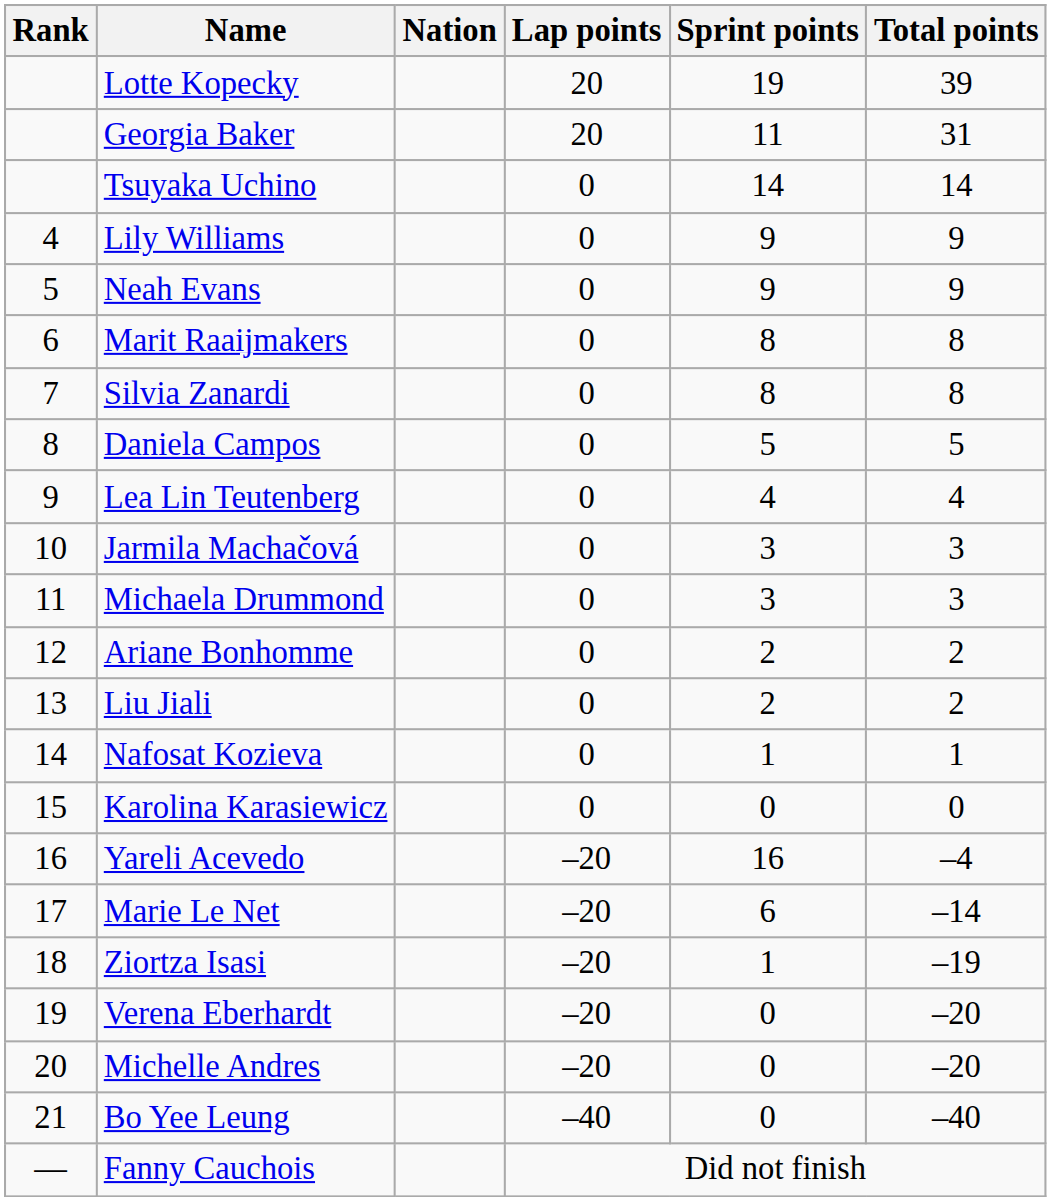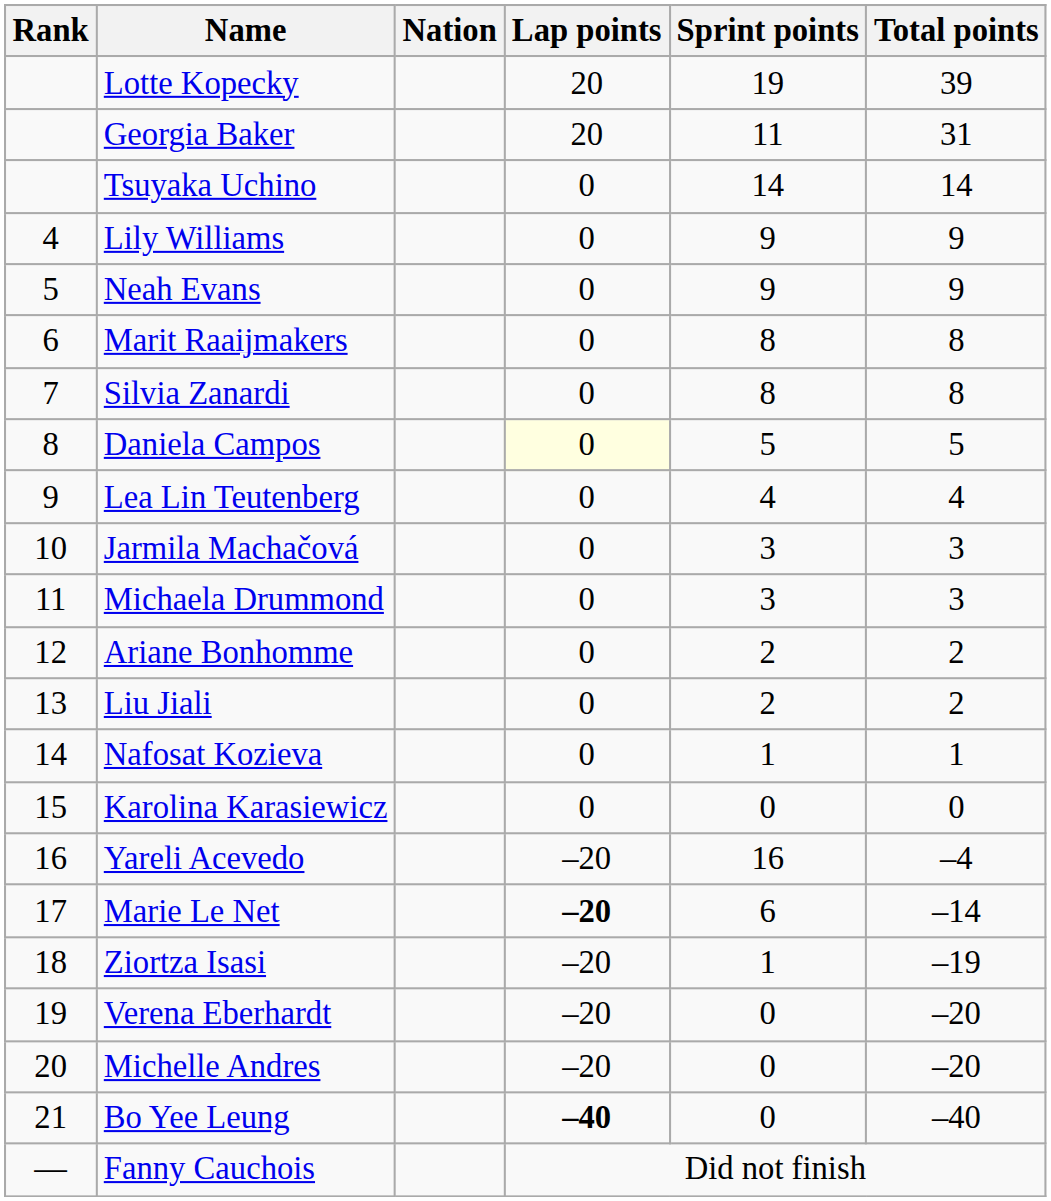 <table class="wikitable sortable" style="text-align:center">
 <tr>
 <th>Rank</th>
 <th>Name</th>
 <th>Nation</th>
 <th>Lap points</th>
 <th>Sprint points</th>
 <th>Total points</th>
 </tr>
 <tr>
 <td></td>
 <td align=left><a href='#'>Lotte Kopecky</a></td>
 <td align=left></td>
 <td>20</td>
 <td>19</td>
 <td>39</td>
 </tr>
 <tr>
 <td></td>
 <td align=left><a href='#'>Georgia Baker</a></td>
 <td align=left></td>
 <td>20</td>
 <td>11</td>
 <td>31</td>
 </tr>
 <tr>
 <td></td>
 <td align=left><a href='#'>Tsuyaka Uchino</a></td>
 <td align=left></td>
 <td>0</td>
 <td>14</td>
 <td>14</td>
 </tr>
 <tr>
 <td>4</td>
 <td align=left><a href='#'>Lily Williams</a></td>
 <td align=left></td>
 <td>0</td>
 <td>9</td>
 <td>9</td>
 </tr>
 <tr>
 <td>5</td>
 <td align=left><a href='#'>Neah Evans</a></td>
 <td align=left></td>
 <td>0</td>
 <td>9</td>
 <td>9</td>
 </tr>
 <tr>
 <td>6</td>
 <td align=left><a href='#'>Marit Raaijmakers</a></td>
 <td align=left></td>
 <td>0</td>
 <td>8</td>
 <td>8</td>
 </tr>
 <tr>
 <td>7</td>
 <td align=left><a href='#'>Silvia Zanardi</a></td>
 <td align=left></td>
 <td>0</td>
 <td>8</td>
 <td>8</td>
 </tr>
 <tr>
 <td>8</td>
 <td align=left><a href='#'>Daniela Campos</a></td>
 <td align=left></td>
-<td>0</td>
+<td style="background: lightyellow;">0</td>
 <td>5</td>
 <td>5</td>
 </tr>
 <tr>
 <td>9</td>
 <td align=left><a href='#'>Lea Lin Teutenberg</a></td>
 <td align=left></td>
 <td>0</td>
 <td>4</td>
 <td>4</td>
 </tr>
 <tr>
 <td>10</td>
 <td align=left><a href='#'>Jarmila Machačová</a></td>
 <td align=left></td>
 <td>0</td>
 <td>3</td>
 <td>3</td>
 </tr>
 <tr>
 <td>11</td>
 <td align=left><a href='#'>Michaela Drummond</a></td>
 <td align=left></td>
 <td>0</td>
 <td>3</td>
 <td>3</td>
 </tr>
 <tr>
 <td>12</td>
 <td align=left><a href='#'>Ariane Bonhomme</a></td>
 <td align=left></td>
 <td>0</td>
 <td>2</td>
 <td>2</td>
 </tr>
 <tr>
 <td>13</td>
 <td align=left><a href='#'>Liu Jiali</a></td>
 <td align=left></td>
 <td>0</td>
 <td>2</td>
 <td>2</td>
 </tr>
 <tr>
 <td>14</td>
 <td align=left><a href='#'>Nafosat Kozieva</a></td>
 <td align=left></td>
 <td>0</td>
 <td>1</td>
 <td>1</td>
 </tr>
 <tr>
 <td>15</td>
 <td align=left><a href='#'>Karolina Karasiewicz</a></td>
 <td align=left></td>
 <td>0</td>
 <td>0</td>
 <td>0</td>
 </tr>
 <tr>
 <td>16</td>
 <td align=left><a href='#'>Yareli Acevedo</a></td>
 <td align=left></td>
 <td>–20</td>
 <td>16</td>
 <td>–4</td>
 </tr>
 <tr>
 <td>17</td>
 <td align=left><a href='#'>Marie Le Net</a></td>
 <td align=left></td>
-<td>–20</td>
+<td><strong>–20</strong></td>
 <td>6</td>
 <td>–14</td>
 </tr>
 <tr>
 <td>18</td>
 <td align=left><a href='#'>Ziortza Isasi</a></td>
 <td align=left></td>
 <td>–20</td>
 <td>1</td>
 <td>–19</td>
 </tr>
 <tr>
 <td>19</td>
 <td align=left><a href='#'>Verena Eberhardt</a></td>
 <td align=left></td>
 <td>–20</td>
 <td>0</td>
 <td>–20</td>
 </tr>
 <tr>
 <td>20</td>
 <td align=left><a href='#'>Michelle Andres</a></td>
 <td align=left></td>
 <td>–20</td>
 <td>0</td>
 <td>–20</td>
 </tr>
 <tr>
 <td>21</td>
 <td align=left><a href='#'>Bo Yee Leung</a></td>
 <td align=left></td>
-<td>–40</td>
+<td><strong>–40</strong></td>
 <td>0</td>
 <td>–40</td>
 </tr>
 <tr>
 <td>—</td>
 <td align=left><a href='#'>Fanny Cauchois</a></td>
 <td align=left></td>
 <td colspan=3>Did not finish</td>
 </tr>
 </table>
